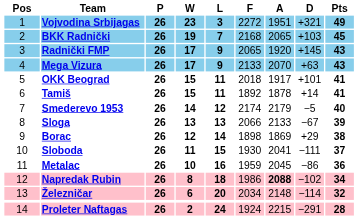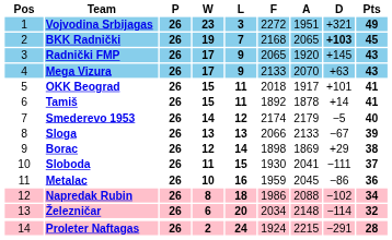 <table class="wikitablesortable" style="text-align: center; font-size:95%">
 <tr>
 <td width="50"><strong>Pos</strong></td>
 <td width="150"><strong>Team</strong></td>
 <td width="40"><strong>P</strong></td>
 <td width="40"><strong>W</strong></td>
 <td width="40"><strong>L</strong></td>
 <td width="40"><strong>F</strong></td>
 <td width="40"><strong>A</strong></td>
 <td width="40"><strong>D</strong></td>
 <td width="40"><strong>Pts</strong></td>
 </tr>
 <tr bgcolor="87ceeb">
 <td>1</td>
 <td align="left"><strong><a href='#'>Vojvodina Srbijagas</a></strong></td>
 <td><strong>26</strong></td>
 <td><strong>23</strong></td>
 <td><strong>3</strong></td>
 <td>2272</td>
 <td>1951</td>
 <td>+321</td>
 <td><strong>49</strong></td>
 </tr>
 <tr bgcolor="87ceeb">
 <td>2</td>
 <td align="left"><strong><a href='#'>BKK Radnički</a></strong></td>
 <td><strong>26</strong></td>
 <td><strong>19</strong></td>
 <td><strong>7</strong></td>
 <td>2168</td>
 <td>2065</td>
-<td>+103</td>
+<td><strong>+103</strong></td>
 <td><strong>45</strong></td>
 </tr>
 <tr bgcolor="87ceeb">
 <td>3</td>
 <td align="left"><strong><a href='#'>Radnički FMP</a></strong></td>
 <td><strong>26</strong></td>
 <td><strong>17</strong></td>
 <td><strong>9</strong></td>
 <td>2065</td>
 <td>1920</td>
 <td>+145</td>
 <td><strong>43</strong></td>
 </tr>
 <tr bgcolor="87ceeb">
 <td>4</td>
 <td align="left"><strong><a href='#'>Mega Vizura</a></strong></td>
 <td><strong>26</strong></td>
 <td><strong>17</strong></td>
 <td><strong>9</strong></td>
 <td>2133</td>
 <td>2070</td>
 <td>+63</td>
 <td><strong>43</strong></td>
 </tr>
 <tr>
 <td>5</td>
 <td align="left"><strong><a href='#'>OKK Beograd</a></strong></td>
 <td><strong>26</strong></td>
 <td><strong>15</strong></td>
 <td><strong>11</strong></td>
 <td>2018</td>
 <td>1917</td>
 <td>+101</td>
 <td><strong>41</strong></td>
 </tr>
 <tr>
 <td>6</td>
 <td align="left"><strong><a href='#'>Tamiš</a></strong></td>
 <td><strong>26</strong></td>
 <td><strong>15</strong></td>
 <td><strong>11</strong></td>
 <td>1892</td>
 <td>1878</td>
 <td>+14</td>
 <td><strong>41</strong></td>
 </tr>
 <tr>
 <td>7</td>
 <td align="left"><strong><a href='#'>Smederevo 1953</a></strong></td>
 <td><strong>26</strong></td>
 <td><strong>14</strong></td>
 <td><strong>12</strong></td>
 <td>2174</td>
 <td>2179</td>
 <td>−5</td>
 <td><strong>40</strong></td>
 </tr>
 <tr>
 <td>8</td>
 <td align="left"><strong><a href='#'>Sloga</a></strong></td>
 <td><strong>26</strong></td>
 <td><strong>13</strong></td>
 <td><strong>13</strong></td>
 <td>2066</td>
 <td>2133</td>
 <td>−67</td>
 <td><strong>39</strong></td>
 </tr>
 <tr>
 <td>9</td>
 <td align="left"><strong><a href='#'>Borac</a></strong></td>
 <td><strong>26</strong></td>
 <td><strong>12</strong></td>
 <td><strong>14</strong></td>
 <td>1898</td>
 <td>1869</td>
 <td>+29</td>
 <td><strong>38</strong></td>
 </tr>
 <tr>
 <td>10</td>
 <td align="left"><strong><a href='#'>Sloboda</a></strong></td>
 <td><strong>26</strong></td>
 <td><strong>11</strong></td>
 <td><strong>15</strong></td>
 <td>1930</td>
 <td>2041</td>
 <td>−111</td>
 <td><strong>37</strong></td>
 </tr>
 <tr>
 <td>11</td>
 <td align="left"><strong><a href='#'>Metalac</a></strong></td>
 <td><strong>26</strong></td>
 <td><strong>10</strong></td>
 <td><strong>16</strong></td>
 <td>1959</td>
 <td>2045</td>
 <td>−86</td>
 <td><strong>36</strong></td>
 </tr>
 <tr bgcolor="ffc0cb">
 <td>12</td>
 <td align="left"><strong><a href='#'>Napredak Rubin</a></strong></td>
 <td><strong>26</strong></td>
 <td><strong>8</strong></td>
 <td><strong>18</strong></td>
 <td>1986</td>
-<td><strong>2088</strong></td>
+<td>2088</td>
 <td>−102</td>
 <td><strong>34</strong></td>
 </tr>
 <tr bgcolor="ffc0cb">
 <td>13</td>
 <td align="left"><strong><a href='#'>Železničar</a></strong></td>
 <td><strong>26</strong></td>
 <td><strong>6</strong></td>
 <td><strong>20</strong></td>
 <td>2034</td>
 <td>2148</td>
 <td>−114</td>
 <td><strong>32</strong></td>
 </tr>
 <tr>
 </tr>
 <tr bgcolor="ffc0cb">
 <td>14</td>
 <td align="left"><strong><a href='#'>Proleter Naftagas</a></strong></td>
 <td><strong>26</strong></td>
 <td><strong>2</strong></td>
 <td><strong>24</strong></td>
 <td>1924</td>
 <td>2215</td>
 <td>−291</td>
 <td><strong>28</strong></td>
 </tr>
 </table>
